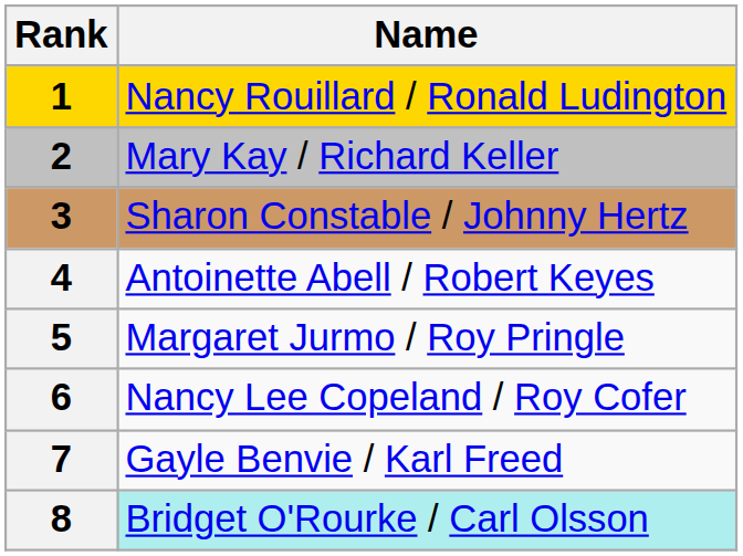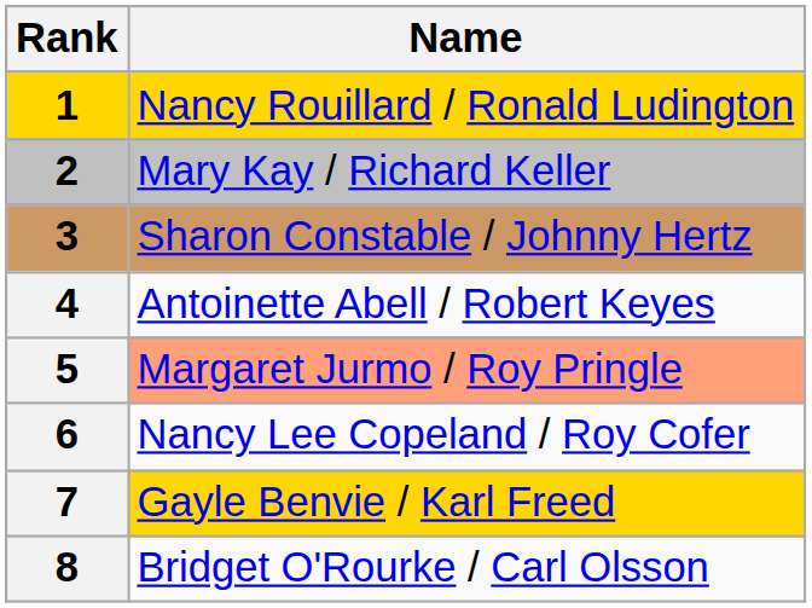 <table class="wikitable">
 <tr>
 <th>Rank</th>
 <th>Name</th>
 </tr>
 <tr bgcolor="gold">
 <td align="center"><strong>1</strong></td>
 <td><a href='#'>Nancy Rouillard</a> / <a href='#'>Ronald Ludington</a></td>
 </tr>
 <tr bgcolor="silver">
 <td align="center"><strong>2</strong></td>
 <td><a href='#'>Mary Kay</a> / <a href='#'>Richard Keller</a></td>
 </tr>
 <tr bgcolor="cc9966">
 <td align="center"><strong>3</strong></td>
 <td><a href='#'>Sharon Constable</a> / <a href='#'>Johnny Hertz</a></td>
 </tr>
 <tr>
 <th>4</th>
 <td><a href='#'>Antoinette Abell</a> / <a href='#'>Robert Keyes</a></td>
 </tr>
 <tr>
 <th>5</th>
-<td><a href='#'>Margaret Jurmo</a> / <a href='#'>Roy Pringle</a></td>
+<td style="background: lightsalmon;"><a href='#'>Margaret Jurmo</a> / <a href='#'>Roy Pringle</a></td>
 </tr>
 <tr>
 <th>6</th>
 <td><a href='#'>Nancy Lee Copeland</a> / <a href='#'>Roy Cofer</a></td>
 </tr>
 <tr>
 <th>7</th>
-<td><a href='#'>Gayle Benvie</a> / <a href='#'>Karl Freed</a></td>
+<td style="background: gold;"><a href='#'>Gayle Benvie</a> / <a href='#'>Karl Freed</a></td>
 </tr>
 <tr>
 <th>8</th>
-<td style="background: paleturquoise;"><a href='#'>Bridget O'Rourke</a> / <a href='#'>Carl Olsson</a></td>
+<td><a href='#'>Bridget O'Rourke</a> / <a href='#'>Carl Olsson</a></td>
 </tr>
 </table>
